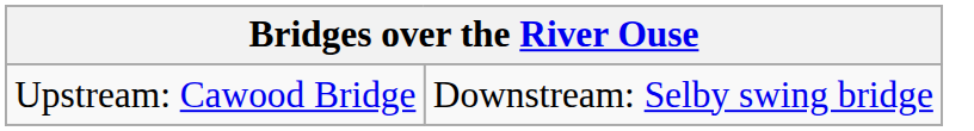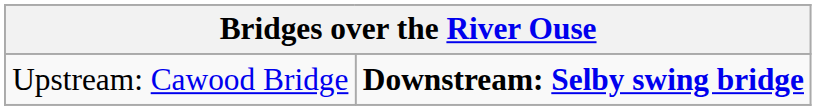 <table class="wikitable">
 <tr>
 <th colspan=2>Bridges over the <a href='#'>River Ouse</a></th>
 </tr>
 <tr>
 <td>Upstream: <a href='#'>Cawood Bridge</a></td>
-<td>Downstream: <a href='#'>Selby swing bridge</a></td>
+<td><strong>Downstream: <a href='#'>Selby swing bridge</a></strong></td>
 </tr>
 </table>
